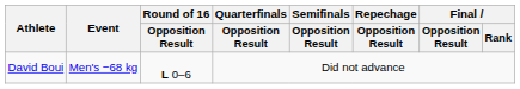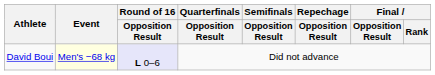 <table class="wikitable" style="font-size:90%;">
 <tr>
 <th rowspan=2>Athlete</th>
 <th rowspan=2>Event</th>
 <th>Round of 16</th>
 <th>Quarterfinals</th>
 <th>Semifinals</th>
 <th>Repechage</th>
 <th colspan=2>Final / </th>
 </tr>
 <tr style="font-size:95%">
 <th>Opposition<br>Result</th>
 <th>Opposition<br>Result</th>
 <th>Opposition<br>Result</th>
 <th>Opposition<br>Result</th>
 <th>Opposition<br>Result</th>
 <th>Rank</th>
 </tr>
 <tr align=center>
 <td align=left><a href='#'>David Boui</a></td>
-<td align=left><a href='#'>Men's −68 kg</a></td>
-<td><br><strong>L</strong> 0–6</td>
+<td align=left style="background: lightyellow;"><a href='#'>Men's −68 kg</a></td>
+<td style="background: lavender;"><br><strong>L</strong> 0–6</td>
 <td colspan=5>Did not advance</td>
 </tr>
 </table>
